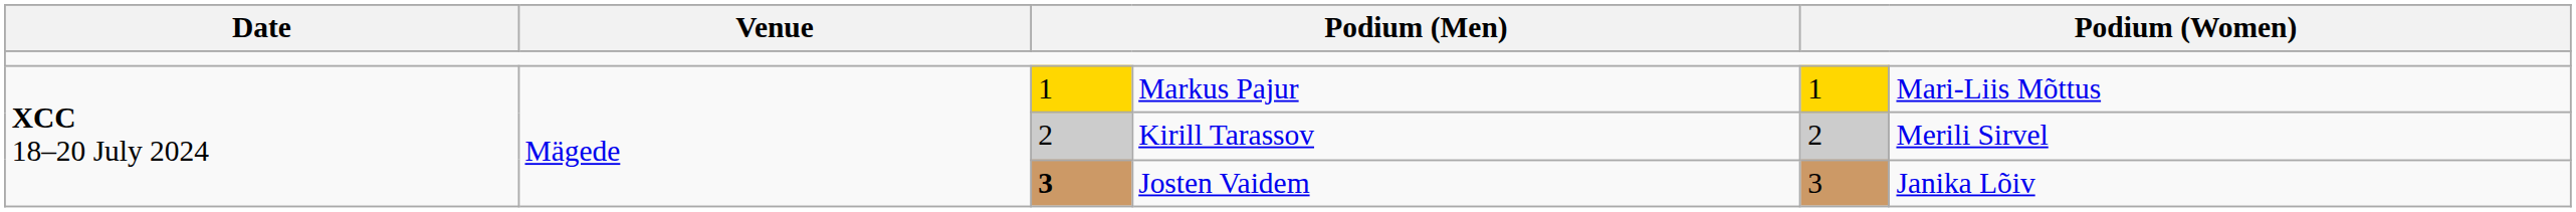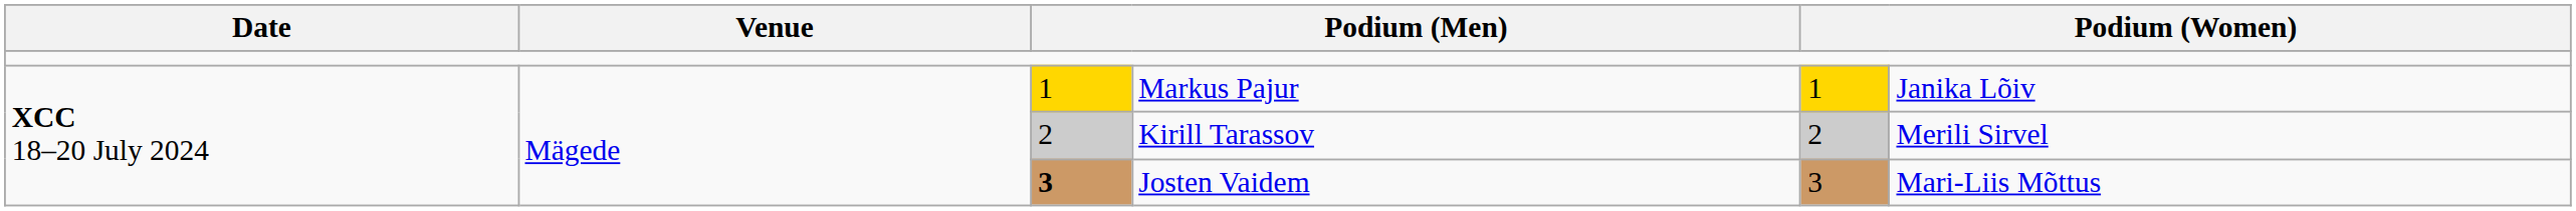 <table class="wikitable" width=70%>
 <tr>
 <th>Date</th>
 <th width=20%>Venue</th>
 <th colspan=2 width=30%>Podium (Men)</th>
 <th colspan=2 width=30%>Podium (Women)</th>
 </tr>
 <tr>
 <td colspan=6></td>
 </tr>
 <tr>
 <td rowspan=3><strong>XCC</strong> <br> 18–20 July 2024</td>
 <td rowspan=3><br><a href='#'>Mägede</a></td>
 <td bgcolor=FFD700>1</td>
 <td><a href='#'>Markus Pajur</a></td>
 <td bgcolor=FFD700>1</td>
-<td><a href='#'>Mari-Liis Mõttus</a></td>
+<td><a href='#'>Janika Lõiv</a></td>
 </tr>
 <tr>
 <td bgcolor=CCCCCC>2</td>
 <td><a href='#'>Kirill Tarassov</a></td>
 <td bgcolor=CCCCCC>2</td>
 <td><a href='#'>Merili Sirvel</a></td>
 </tr>
 <tr>
 <td bgcolor=CC9966><strong>3</strong></td>
 <td><a href='#'>Josten Vaidem</a></td>
 <td bgcolor=CC9966>3</td>
-<td><a href='#'>Janika Lõiv</a></td>
+<td><a href='#'>Mari-Liis Mõttus</a></td>
 </tr>
 </table>
